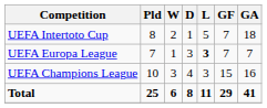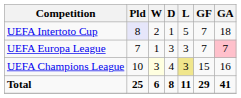 <table class="wikitable">
 <tr>
 <th>Competition</th>
 <th>Pld</th>
 <th>W</th>
 <th>D</th>
 <th>L</th>
 <th>GF</th>
 <th>GA</th>
 </tr>
 <tr>
 <td><a href='#'>UEFA Intertoto Cup</a></td>
-<td style="text-align:center;">8</td>
+<td style="background: lavender; text-align:center;">8</td>
 <td style="text-align:center;">2</td>
 <td style="text-align:center;">1</td>
 <td style="text-align:center;">5</td>
 <td style="text-align:center;">7</td>
 <td style="text-align:center;">18</td>
 </tr>
 <tr>
 <td><a href='#'>UEFA Europa League</a></td>
 <td style="text-align:center;">7</td>
 <td style="text-align:center;">1</td>
 <td style="text-align:center;">3</td>
-<td style="text-align:center;"><strong>3</strong></td>
+<td style="text-align:center;">3</td>
 <td style="text-align:center;">7</td>
-<td style="text-align:center;">7</td>
+<td style="background: pink; text-align:center;">7</td>
 </tr>
 <tr>
 <td><a href='#'>UEFA Champions League</a></td>
 <td style="text-align:center;">10</td>
-<td style="text-align:center;">3</td>
+<td style="background: lightyellow; text-align:center;">3</td>
 <td style="text-align:center;">4</td>
-<td style="text-align:center;">3</td>
+<td style="background: khaki; text-align:center;">3</td>
 <td style="text-align:center;">15</td>
 <td style="text-align:center;">16</td>
 </tr>
 <tr>
 <td><strong>Total</strong></td>
 <td style="text-align:center;"><strong>25</strong></td>
 <td style="text-align:center;"><strong>6</strong></td>
 <td style="text-align:center;"><strong>8</strong></td>
 <td style="text-align:center;"><strong>11</strong></td>
 <td style="text-align:center;"><strong>29</strong></td>
 <td style="text-align:center;"><strong>41</strong></td>
 </tr>
 <tr>
 </tr>
 </table>
